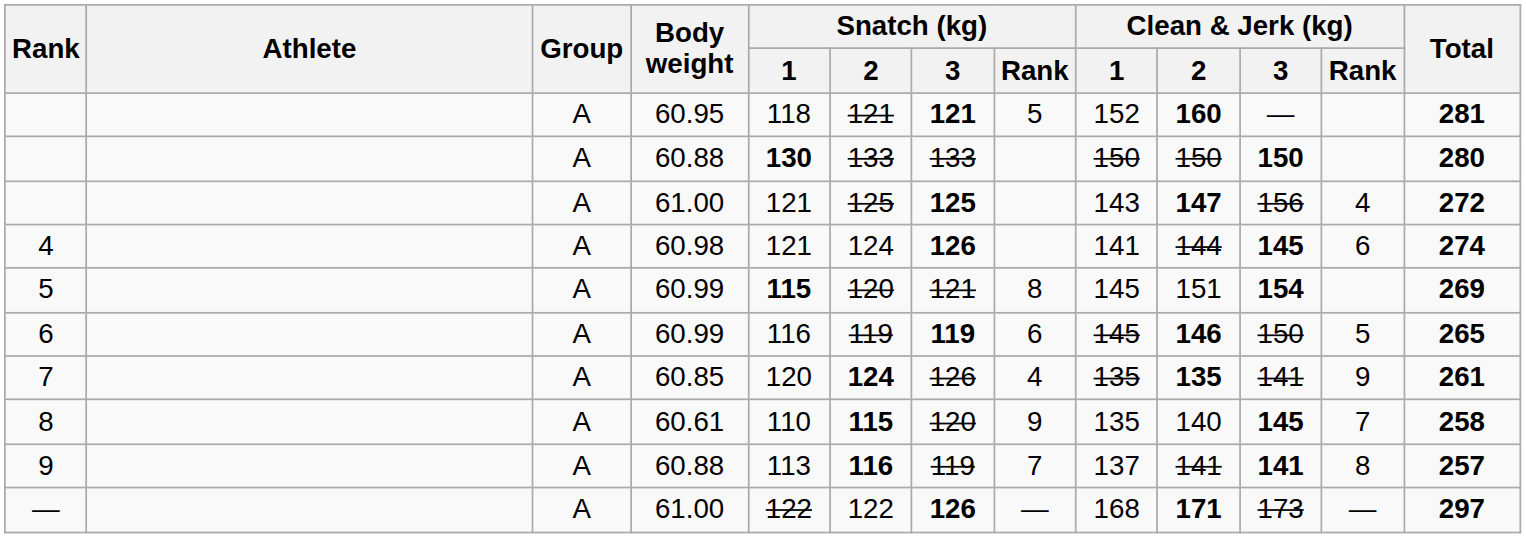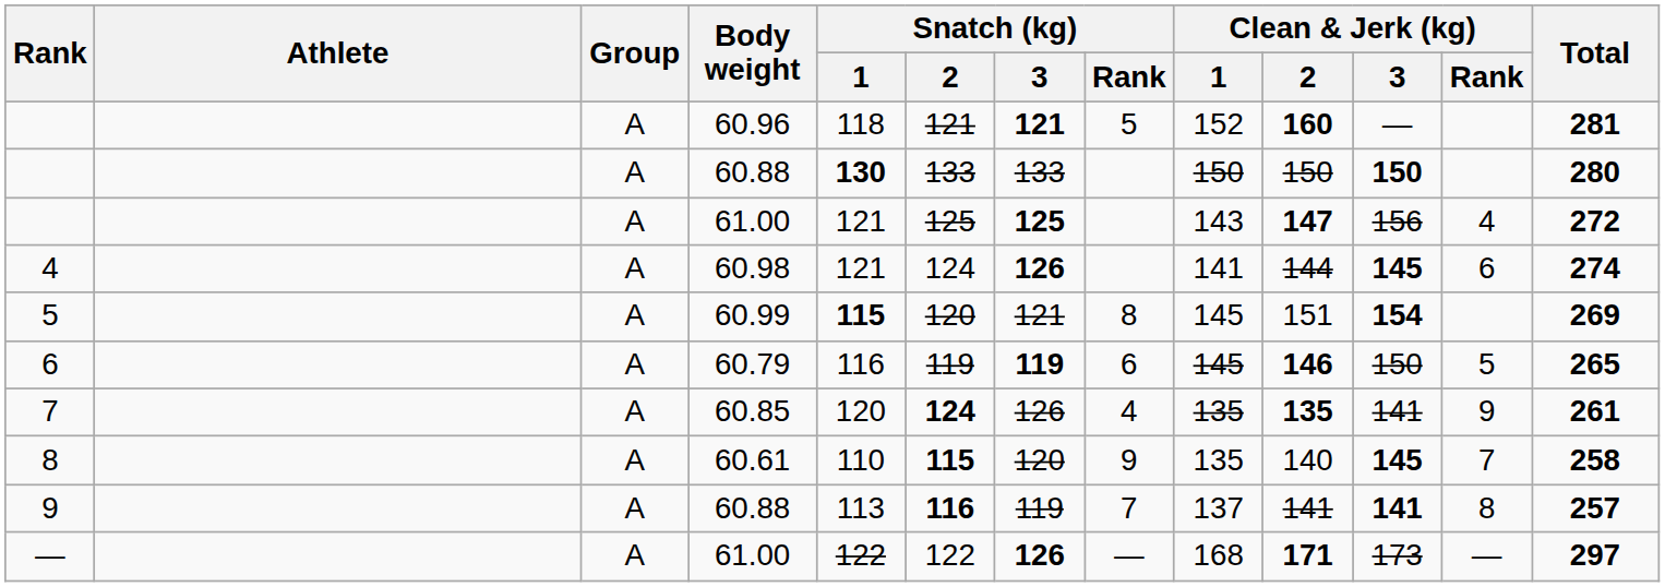 <table class = "wikitable" style="text-align:center;">
 <tr>
 <th rowspan=2 width=40>Rank</th>
 <th rowspan=2 width=250>Athlete</th>
 <th rowspan=2 width=50>Group</th>
 <th rowspan=2 width=60>Body weight</th>
 <th colspan=4>Snatch (kg)</th>
 <th colspan=4>Clean & Jerk (kg)</th>
 <th rowspan=2 width=60>Total</th>
 </tr>
 <tr>
 <th width=40>1</th>
 <th width=40>2</th>
 <th width=40>3</th>
 <th width=40>Rank</th>
 <th width=40>1</th>
 <th width=40>2</th>
 <th width=40>3</th>
 <th width=40>Rank</th>
 </tr>
 <tr>
 <td></td>
 <td align=left></td>
 <td>A</td>
-<td>60.95</td>
+<td>60.96</td>
 <td>118</td>
 <td><s>121</s></td>
 <td><strong>121</strong></td>
 <td>5</td>
 <td>152</td>
 <td><strong>160</strong></td>
 <td>—</td>
 <td></td>
 <td><strong>281</strong></td>
 </tr>
 <tr>
 <td></td>
 <td align=left></td>
 <td>A</td>
 <td>60.88</td>
 <td><strong>130</strong></td>
 <td><s>133</s></td>
 <td><s>133</s></td>
 <td></td>
 <td><s>150</s></td>
 <td><s>150</s></td>
 <td><strong>150</strong></td>
 <td></td>
 <td><strong>280</strong></td>
 </tr>
 <tr>
 <td></td>
 <td align=left></td>
 <td>A</td>
 <td>61.00</td>
 <td>121</td>
 <td><s>125</s></td>
 <td><strong>125</strong></td>
 <td></td>
 <td>143</td>
 <td><strong>147</strong></td>
 <td><s>156</s></td>
 <td>4</td>
 <td><strong>272</strong></td>
 </tr>
 <tr>
 <td>4</td>
 <td align=left></td>
 <td>A</td>
 <td>60.98</td>
 <td>121</td>
 <td>124</td>
 <td><strong>126</strong></td>
 <td></td>
 <td>141</td>
 <td><s>144</s></td>
 <td><strong>145</strong></td>
 <td>6</td>
 <td><strong>274</strong></td>
 </tr>
 <tr>
 <td>5</td>
 <td align=left></td>
 <td>A</td>
 <td>60.99</td>
 <td><strong>115</strong></td>
 <td><s>120</s></td>
 <td><s>121</s></td>
 <td>8</td>
 <td>145</td>
 <td>151</td>
 <td><strong>154</strong></td>
 <td></td>
 <td><strong>269</strong></td>
 </tr>
 <tr>
 <td>6</td>
 <td align=left></td>
 <td>A</td>
-<td>60.99</td>
+<td>60.79</td>
 <td>116</td>
 <td><s>119</s></td>
 <td><strong>119</strong></td>
 <td>6</td>
 <td><s>145</s></td>
 <td><strong>146</strong></td>
 <td><s>150</s></td>
 <td>5</td>
 <td><strong>265</strong></td>
 </tr>
 <tr>
 <td>7</td>
 <td align=left></td>
 <td>A</td>
 <td>60.85</td>
 <td>120</td>
 <td><strong>124</strong></td>
 <td><s>126</s></td>
 <td>4</td>
 <td><s>135</s></td>
 <td><strong>135</strong></td>
 <td><s>141</s></td>
 <td>9</td>
 <td><strong>261</strong></td>
 </tr>
 <tr>
 <td>8</td>
 <td align=left></td>
 <td>A</td>
 <td>60.61</td>
 <td>110</td>
 <td><strong>115</strong></td>
 <td><s>120</s></td>
 <td>9</td>
 <td>135</td>
 <td>140</td>
 <td><strong>145</strong></td>
 <td>7</td>
 <td><strong>258</strong></td>
 </tr>
 <tr>
 <td>9</td>
 <td align=left></td>
 <td>A</td>
 <td>60.88</td>
 <td>113</td>
 <td><strong>116</strong></td>
 <td><s>119</s></td>
 <td>7</td>
 <td>137</td>
 <td><s>141</s></td>
 <td><strong>141</strong></td>
 <td>8</td>
 <td><strong>257</strong></td>
 </tr>
 <tr>
 <td>—</td>
 <td align=left></td>
 <td>A</td>
 <td>61.00</td>
 <td><s>122</s></td>
 <td>122</td>
 <td><strong>126</strong></td>
 <td>—</td>
 <td>168</td>
 <td><strong>171</strong></td>
 <td><s>173</s></td>
 <td>—</td>
 <td><strong>297</strong></td>
 </tr>
 </table>
